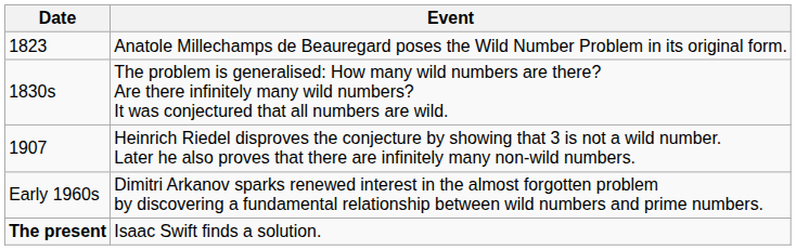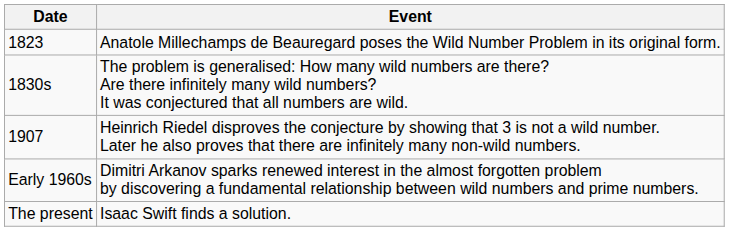 <table class="wikitable">
 <tr>
 <th>Date</th>
 <th>Event</th>
 </tr>
 <tr>
 <td>1823</td>
 <td>Anatole Millechamps de Beauregard poses the Wild Number Problem in its original form.</td>
 </tr>
 <tr>
 <td>1830s</td>
 <td>The problem is generalised: How many wild numbers are there? <br> Are there infinitely many wild numbers? <br> It was conjectured that all numbers are wild.</td>
 </tr>
 <tr>
 <td>1907</td>
 <td>Heinrich Riedel disproves the conjecture by showing that 3 is not a wild number. <br> Later he also proves that there are infinitely many non-wild numbers.</td>
 </tr>
 <tr>
 <td>Early 1960s</td>
 <td>Dimitri Arkanov sparks renewed interest in the almost forgotten problem <br>by discovering a fundamental relationship between wild  numbers and prime numbers.</td>
 </tr>
 <tr>
-<td><strong>The present</strong></td>
+<td>The present</td>
 <td>Isaac Swift finds a solution.</td>
 </tr>
 </table>
